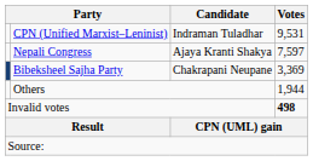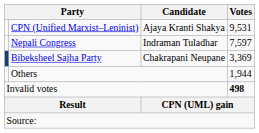 <table class="wikitable">
 <tr>
 <th colspan="2">Party</th>
 <th>Candidate</th>
 <th>Votes</th>
 </tr>
 <tr>
 <td style="background-color:"></td>
 <td><a href='#'>CPN (Unified Marxist–Leninist)</a></td>
-<td>Indraman Tuladhar</td>
+<td>Ajaya Kranti Shakya</td>
 <td>9,531</td>
 </tr>
 <tr>
 <td style="background-color:"></td>
 <td><a href='#'>Nepali Congress</a></td>
-<td>Ajaya Kranti Shakya</td>
+<td>Indraman Tuladhar</td>
 <td>7,597</td>
 </tr>
 <tr>
 <td style="background-color:#183F73"></td>
 <td><a href='#'>Bibeksheel Sajha Party</a></td>
 <td>Chakrapani Neupane</td>
 <td>3,369</td>
 </tr>
 <tr>
 <td></td>
 <td colspan="2">Others</td>
 <td>1,944</td>
 </tr>
 <tr>
 <td colspan="3">Invalid votes</td>
 <td><strong>498</strong></td>
 </tr>
 <tr>
 <th colspan="2">Result</th>
 <th colspan="2">CPN (UML) gain</th>
 </tr>
 <tr>
 <td colspan="4">Source: </td>
 </tr>
 </table>
